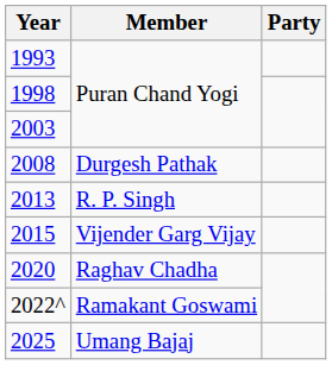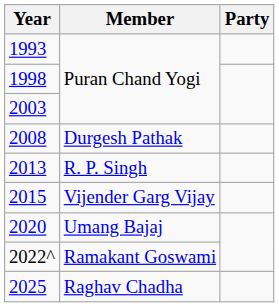 <table class="wikitable">
 <tr>
 <th>Year</th>
 <th>Member</th>
 <th colspan=2>Party</th>
 </tr>
 <tr>
 <td><a href='#'>1993</a></td>
 <td rowspan="3">Puran Chand Yogi</td>
 <td></td>
 </tr>
 <tr>
 <td><a href='#'>1998</a></td>
 </tr>
 <tr>
 <td><a href='#'>2003</a></td>
 </tr>
 <tr>
 <td><a href='#'>2008</a></td>
 <td><a href='#'>Durgesh Pathak</a></td>
 <td></td>
 </tr>
 <tr>
 <td><a href='#'>2013</a></td>
 <td><a href='#'>R. P. Singh</a></td>
 <td></td>
 </tr>
 <tr>
 <td><a href='#'>2015</a></td>
 <td><a href='#'>Vijender Garg Vijay</a></td>
 <td></td>
 </tr>
 <tr>
 <td><a href='#'>2020</a></td>
-<td><a href='#'>Raghav Chadha</a></td>
+<td><a href='#'>Umang Bajaj</a></td>
 </tr>
 <tr>
 <td>2022^</td>
 <td><a href='#'>Ramakant Goswami</a></td>
 </tr>
 <tr>
 <td><a href='#'>2025</a></td>
-<td><a href='#'>Umang Bajaj</a></td>
+<td><a href='#'>Raghav Chadha</a></td>
 <td></td>
 </tr>
 </table>
